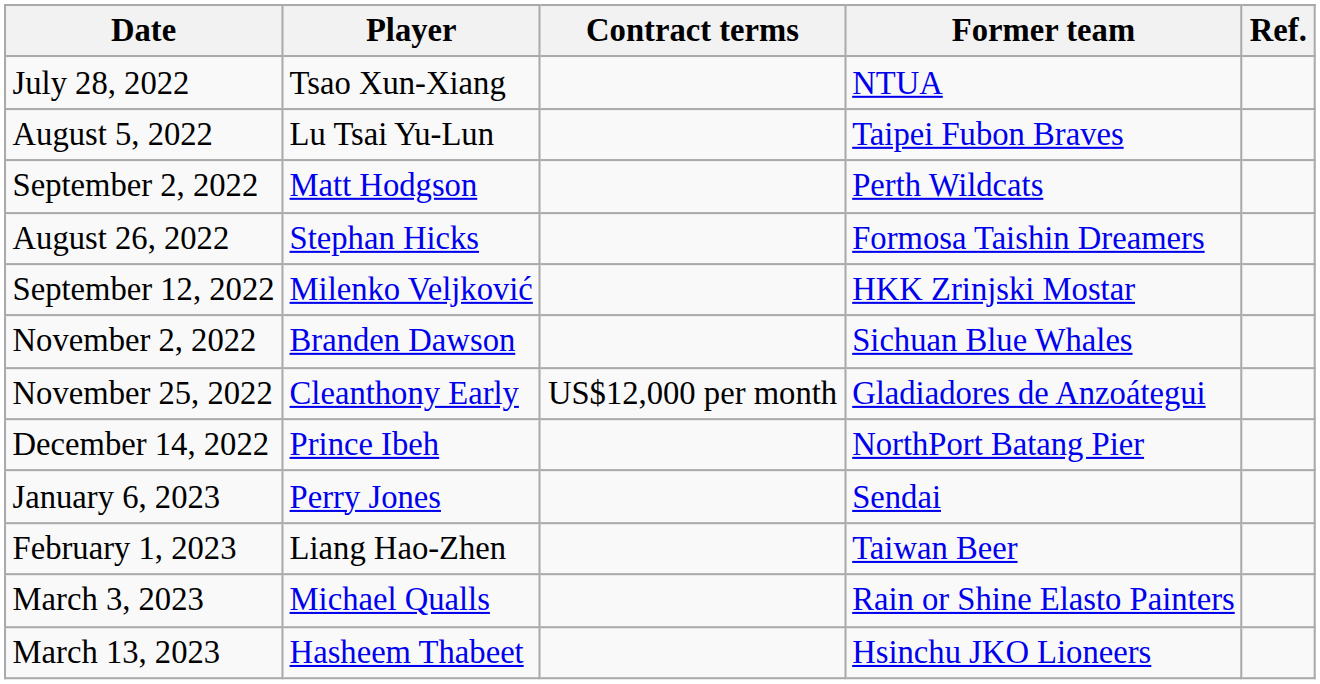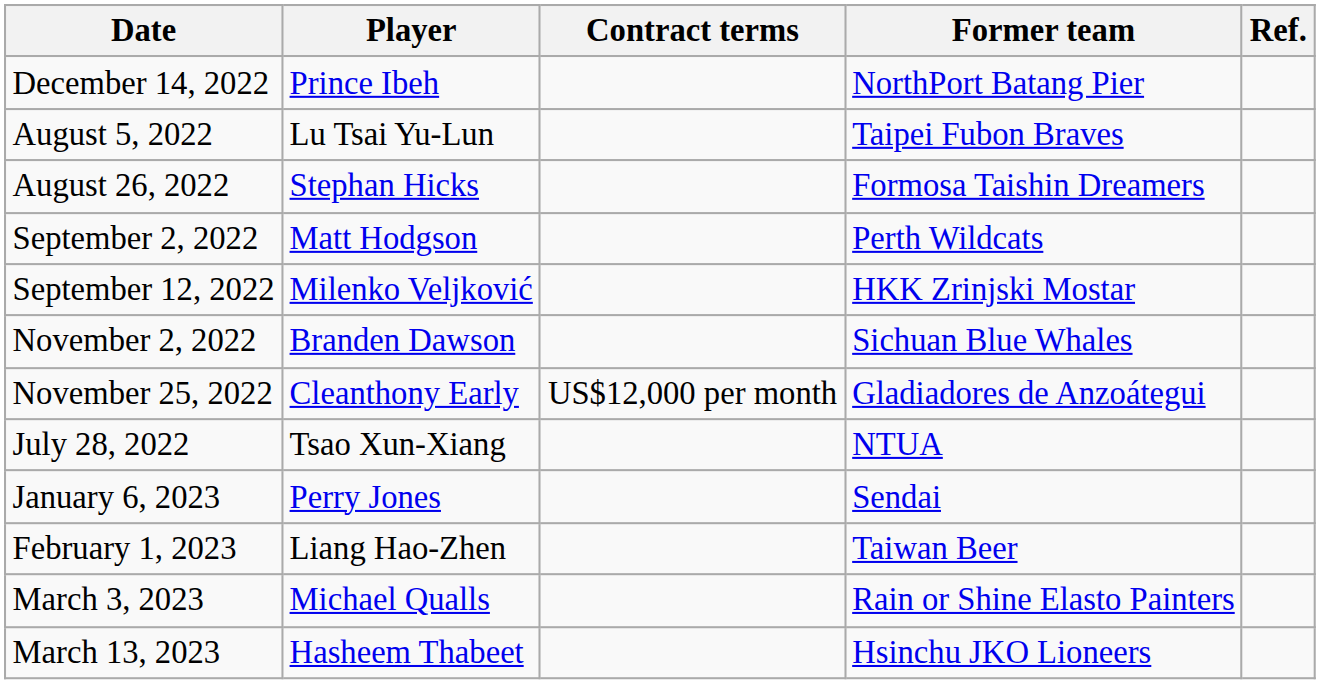 <table class="wikitable">
 <tr>
 <th>Date</th>
 <th>Player</th>
 <th>Contract terms</th>
 <th>Former team</th>
 <th>Ref.</th>
 </tr>
 <tr>
-<td>July 28, 2022</td>
-<td>Tsao Xun-Xiang</td>
+<td>December 14, 2022</td>
+<td><a href='#'>Prince Ibeh</a></td>
 <td></td>
-<td> <a href='#'>NTUA</a></td>
+<td> <a href='#'>NorthPort Batang Pier</a></td>
 <td></td>
 </tr>
 <tr>
 <td>August 5, 2022</td>
 <td>Lu Tsai Yu-Lun</td>
 <td></td>
 <td> <a href='#'>Taipei Fubon Braves</a></td>
 <td></td>
 </tr>
 <tr>
+<td>August 26, 2022</td>
+<td><a href='#'>Stephan Hicks</a></td>
+<td></td>
+<td> <a href='#'>Formosa Taishin Dreamers</a></td>
+<td></td>
+</tr>
+<tr>
 <td>September 2, 2022</td>
 <td><a href='#'>Matt Hodgson</a></td>
 <td></td>
 <td> <a href='#'>Perth Wildcats</a></td>
-<td></td>
-</tr>
-<tr>
-<td>August 26, 2022</td>
-<td><a href='#'>Stephan Hicks</a></td>
-<td></td>
-<td> <a href='#'>Formosa Taishin Dreamers</a></td>
 <td></td>
 </tr>
 <tr>
 <td>September 12, 2022</td>
 <td><a href='#'>Milenko Veljković</a></td>
 <td></td>
 <td> <a href='#'>HKK Zrinjski Mostar</a></td>
 <td></td>
 </tr>
 <tr>
 <td>November 2, 2022</td>
 <td><a href='#'>Branden Dawson</a></td>
 <td></td>
 <td> <a href='#'>Sichuan Blue Whales</a></td>
 <td></td>
 </tr>
 <tr>
 <td>November 25, 2022</td>
 <td><a href='#'>Cleanthony Early</a></td>
 <td>US$12,000 per month</td>
 <td> <a href='#'>Gladiadores de Anzoátegui</a></td>
 <td></td>
 </tr>
 <tr>
-<td>December 14, 2022</td>
-<td><a href='#'>Prince Ibeh</a></td>
+<td>July 28, 2022</td>
+<td>Tsao Xun-Xiang</td>
 <td></td>
-<td> <a href='#'>NorthPort Batang Pier</a></td>
+<td> <a href='#'>NTUA</a></td>
 <td></td>
 </tr>
 <tr>
 <td>January 6, 2023</td>
 <td><a href='#'>Perry Jones</a></td>
 <td></td>
 <td> <a href='#'>Sendai</a></td>
 <td></td>
 </tr>
 <tr>
 <td>February 1, 2023</td>
 <td>Liang Hao-Zhen</td>
 <td></td>
 <td> <a href='#'>Taiwan Beer</a></td>
 <td></td>
 </tr>
 <tr>
 <td>March 3, 2023</td>
 <td><a href='#'>Michael Qualls</a></td>
 <td></td>
 <td> <a href='#'>Rain or Shine Elasto Painters</a></td>
 <td></td>
 </tr>
 <tr>
 <td>March 13, 2023</td>
 <td><a href='#'>Hasheem Thabeet</a></td>
 <td></td>
 <td> <a href='#'>Hsinchu JKO Lioneers</a></td>
 <td></td>
 </tr>
 </table>
